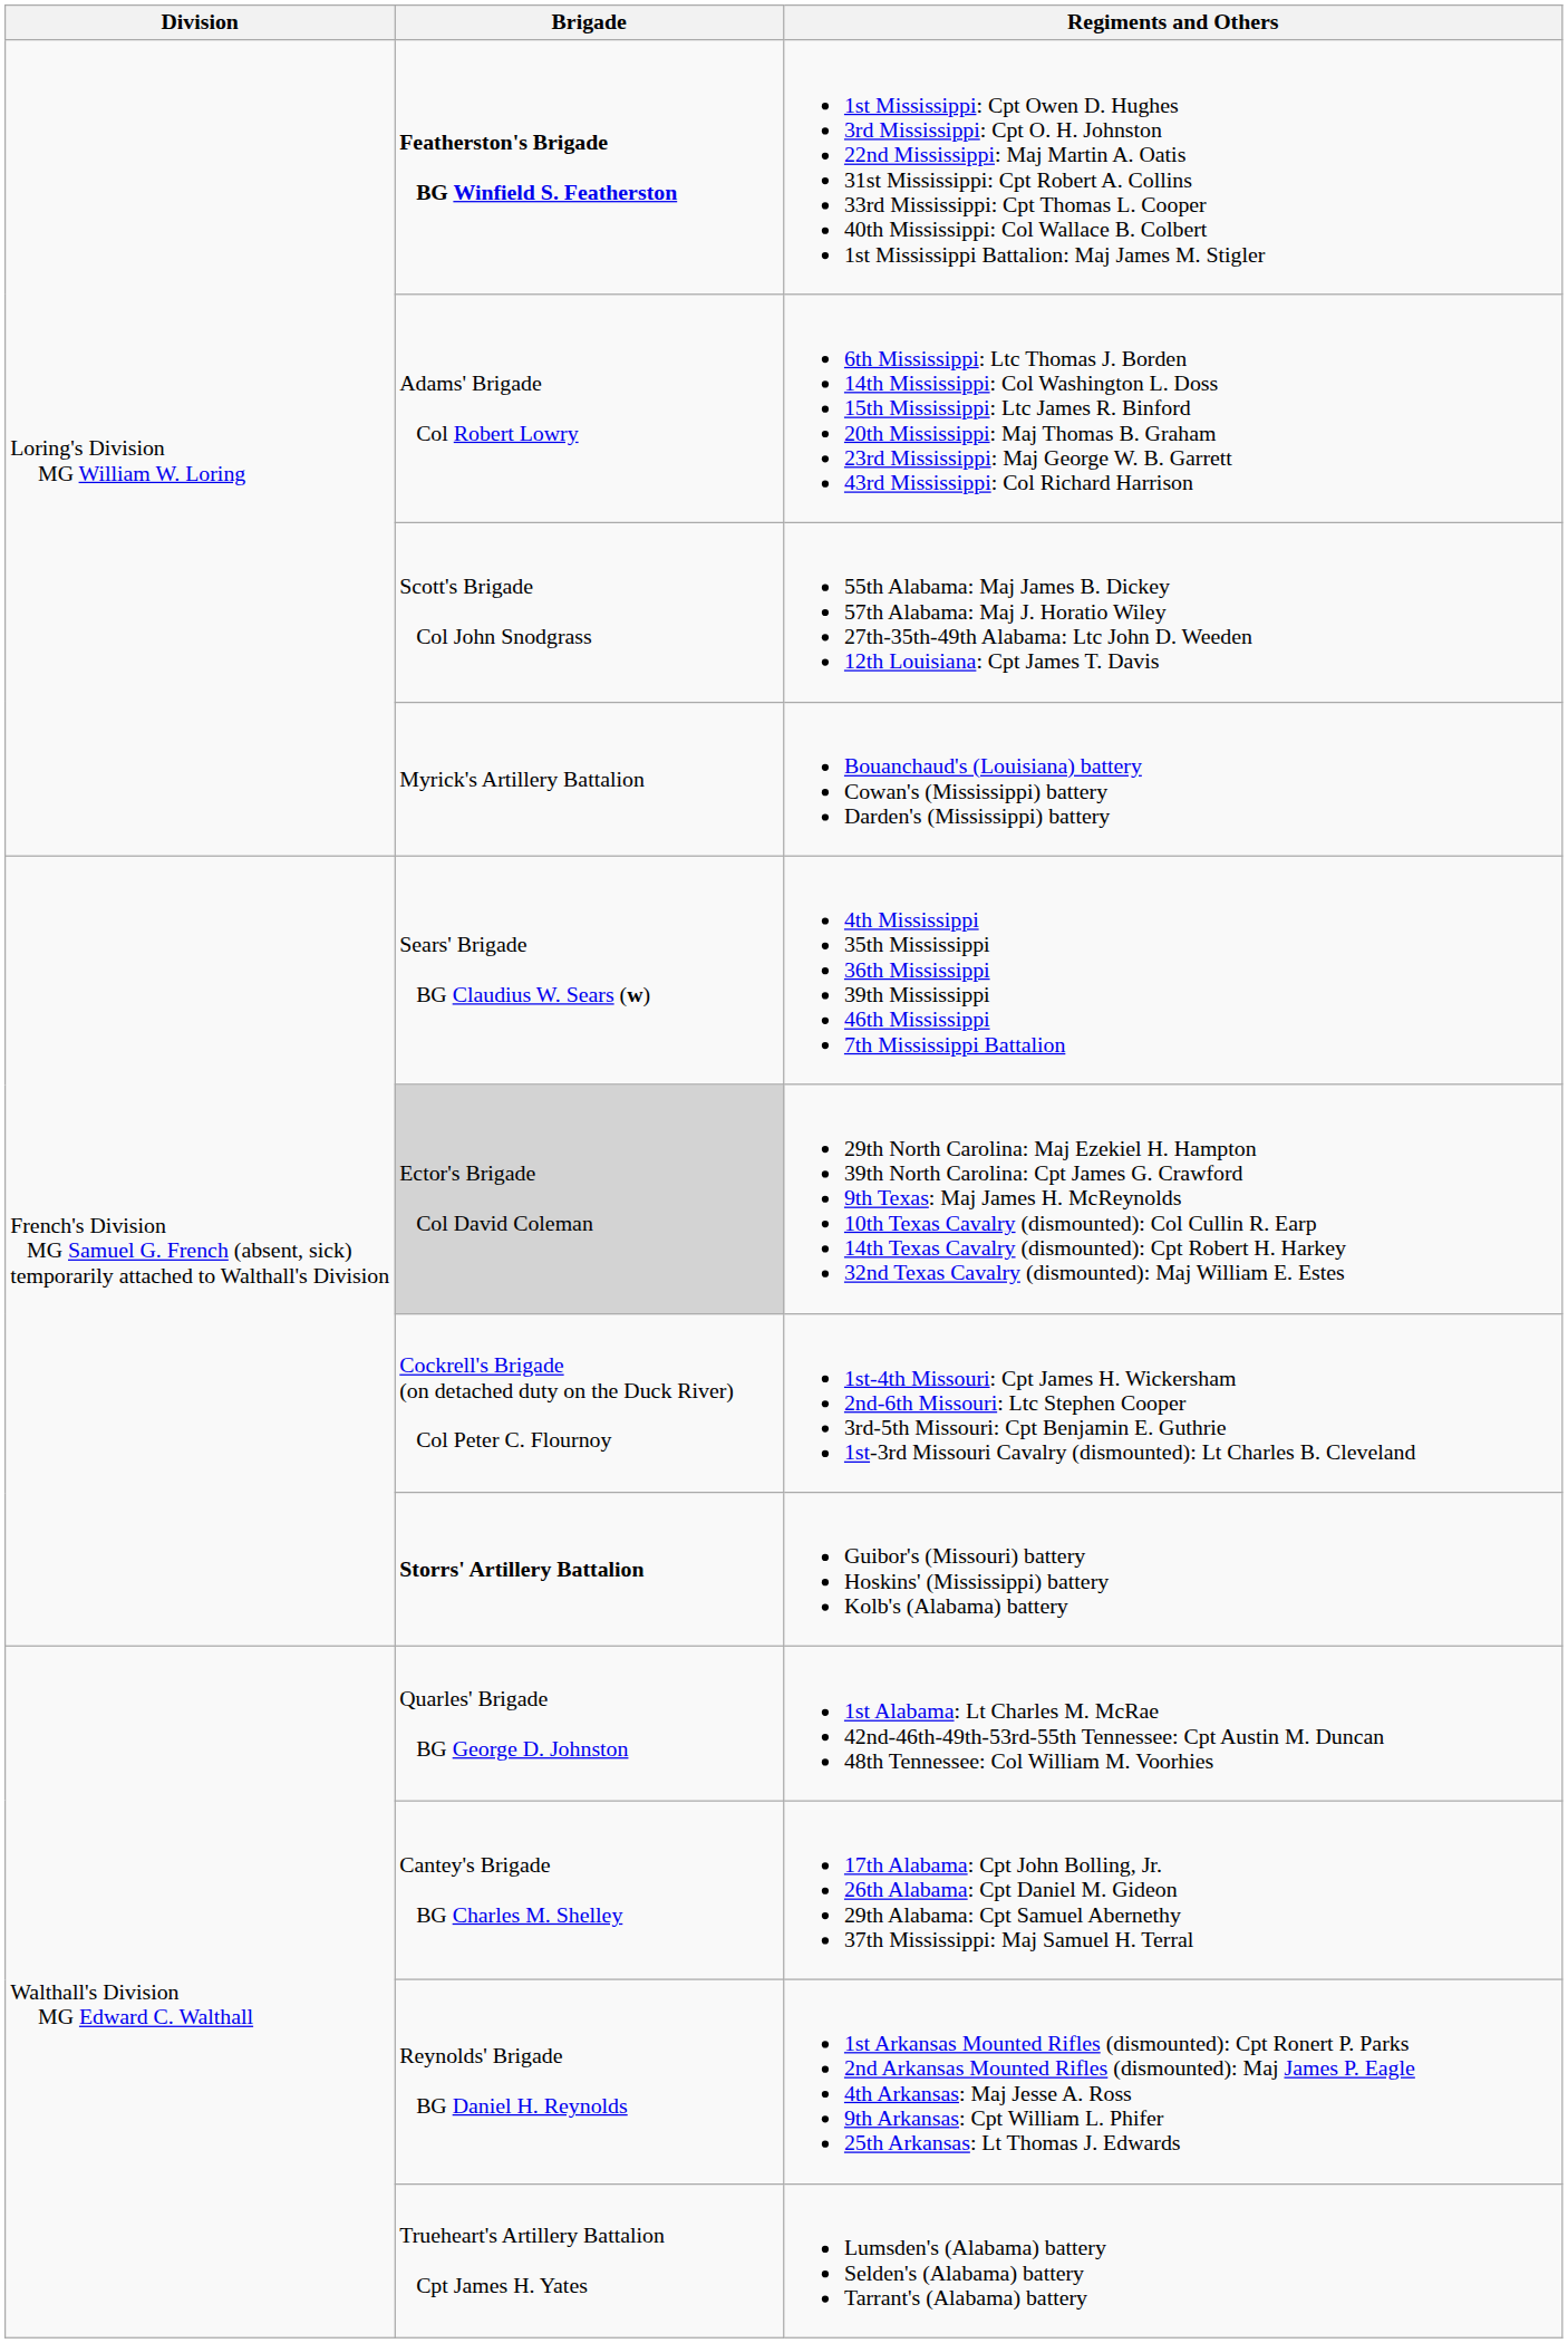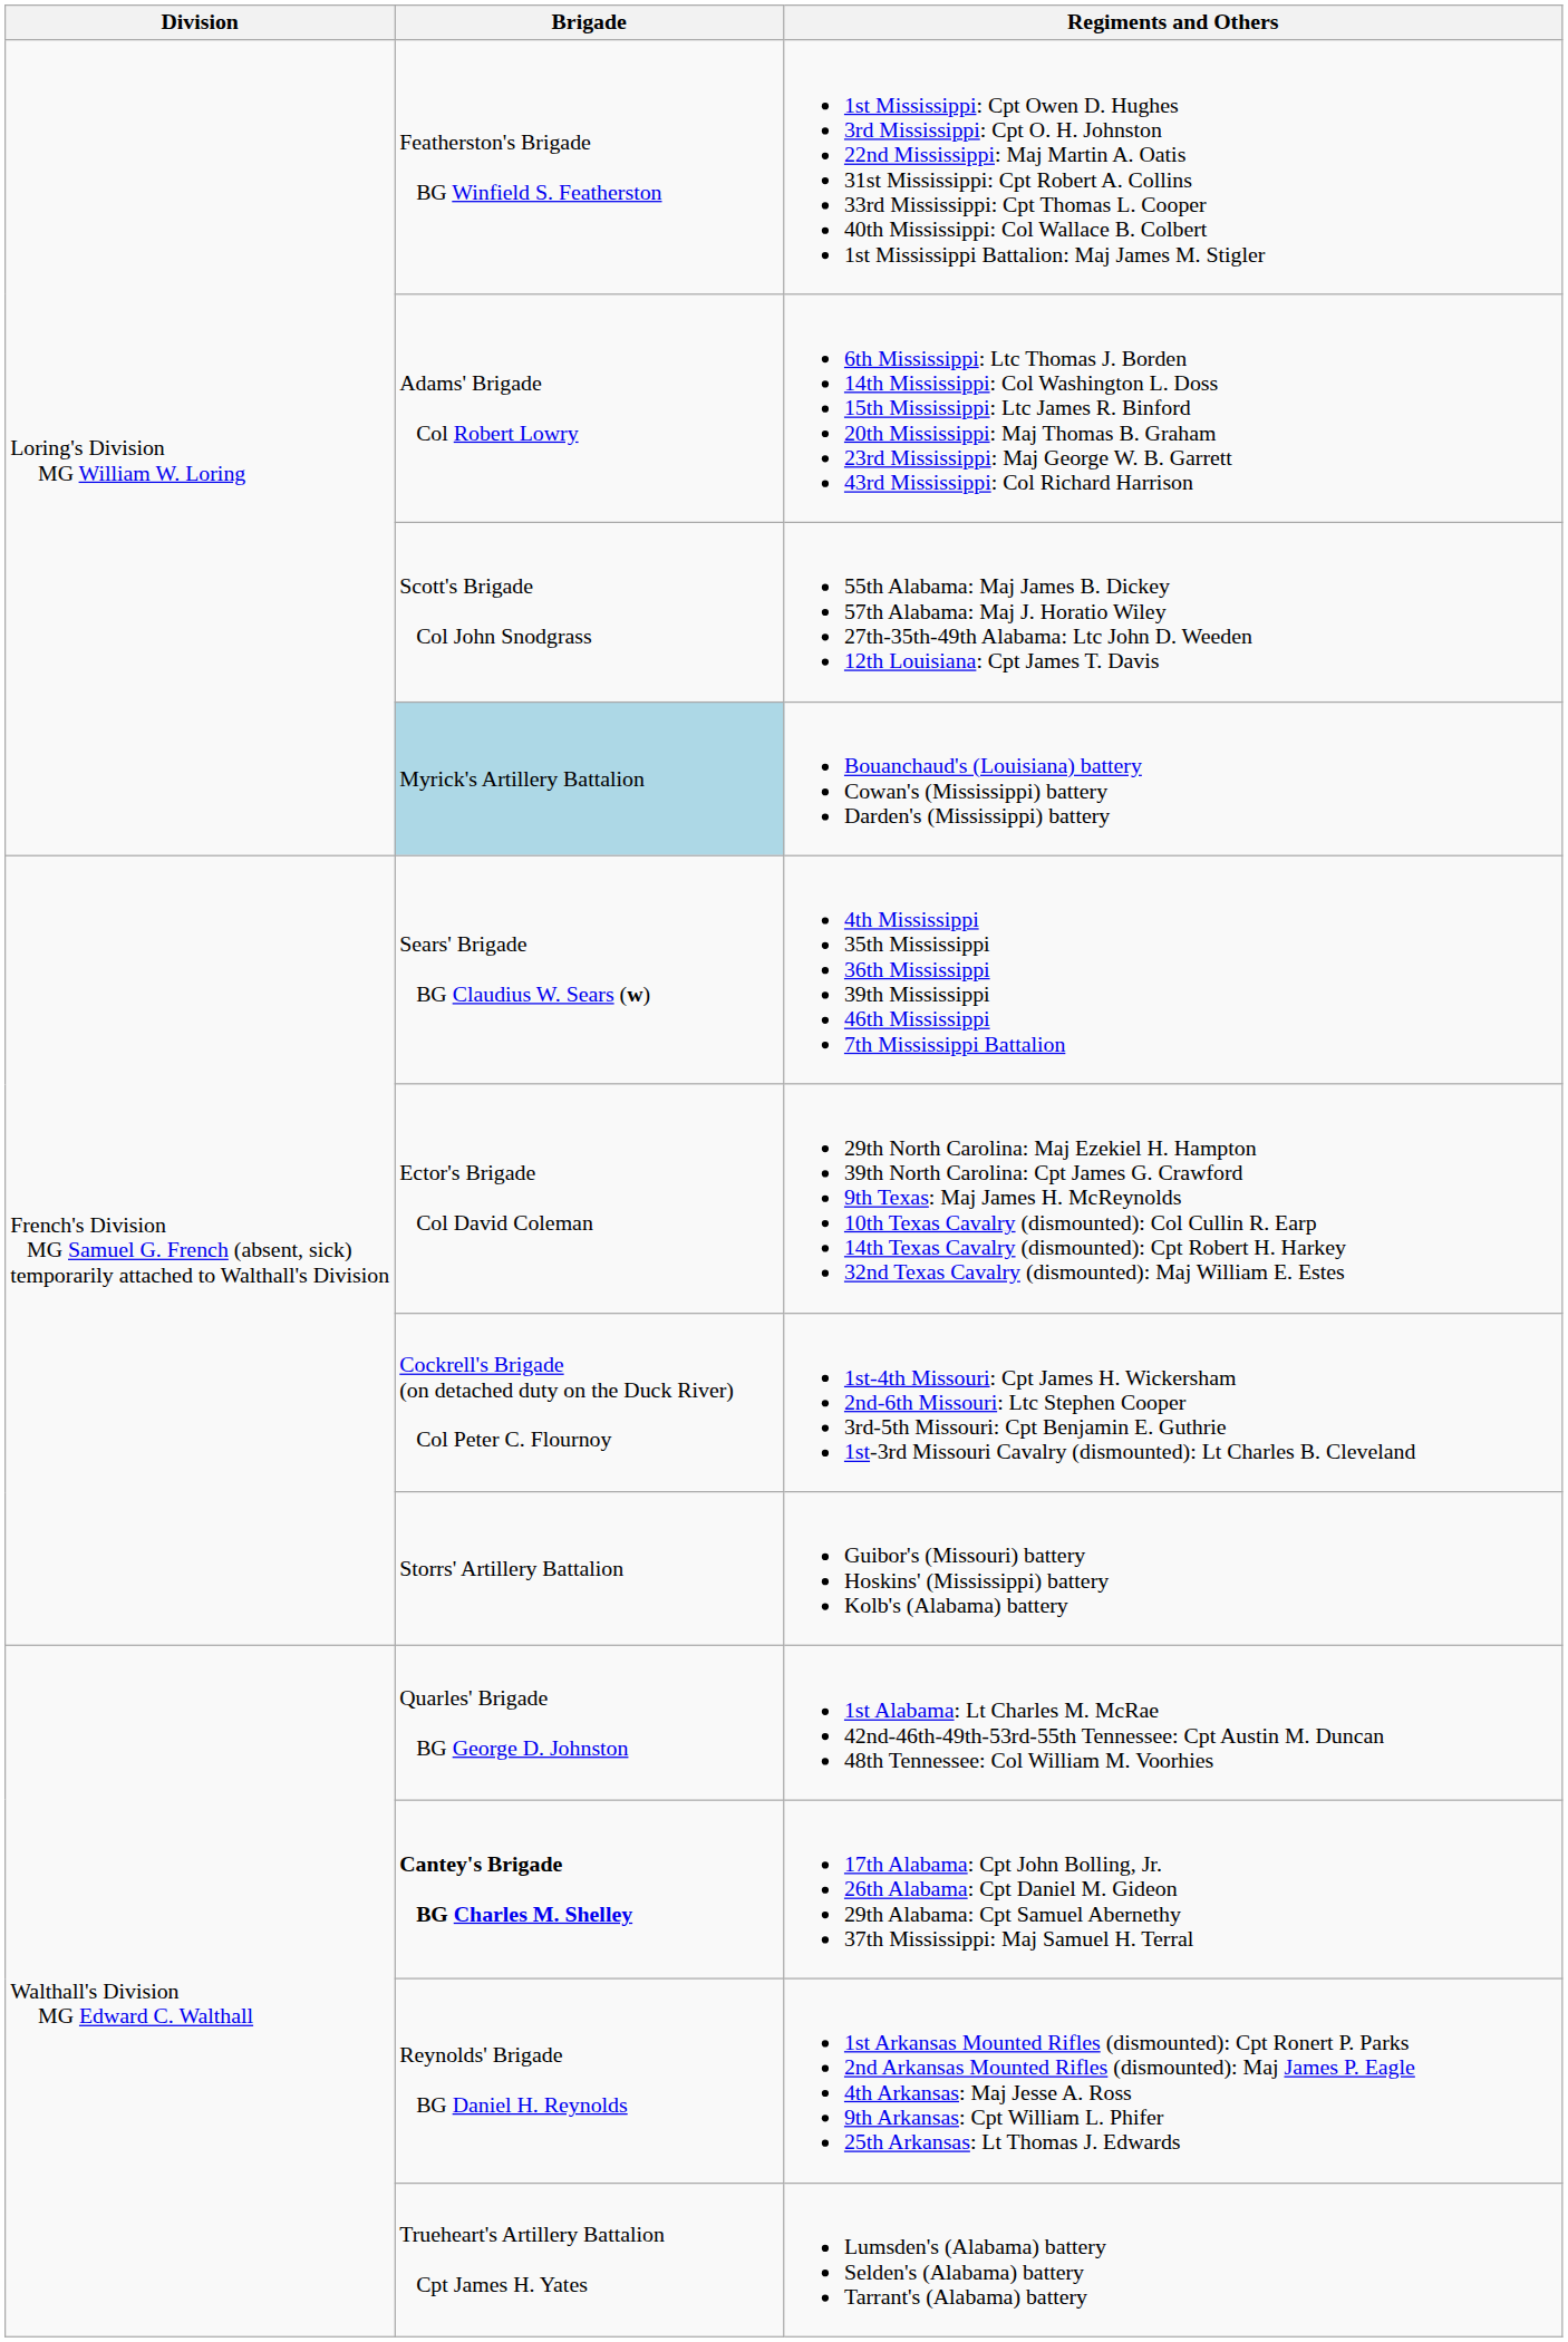 <table class="wikitable">
 <tr>
 <th width=25%>Division</th>
 <th width=25%>Brigade</th>
 <th>Regiments and Others</th>
 </tr>
 <tr>
 <td rowspan=4><br>Loring's Division <br>     MG <a href='#'>William W. Loring</a></td>
-<td><strong>Featherston's Brigade<br><br>   BG <a href='#'>Winfield S. Featherston</a></strong></td>
+<td>Featherston's Brigade<br><br>   BG <a href='#'>Winfield S. Featherston</a></td>
 <td><br><ul><li><a href='#'>1st Mississippi</a>: Cpt Owen D. Hughes</li><li><a href='#'>3rd Mississippi</a>: Cpt O. H. Johnston</li><li><a href='#'>22nd Mississippi</a>: Maj Martin A. Oatis</li><li>31st Mississippi: Cpt Robert A. Collins</li><li>33rd Mississippi: Cpt Thomas L. Cooper</li><li>40th Mississippi: Col Wallace B. Colbert</li><li>1st Mississippi Battalion: Maj James M. Stigler</li></ul></td>
 </tr>
 <tr>
 <td>Adams' Brigade<br><br>   Col <a href='#'>Robert Lowry</a></td>
 <td><br><ul><li><a href='#'>6th Mississippi</a>: Ltc Thomas J. Borden</li><li><a href='#'>14th Mississippi</a>: Col Washington L. Doss</li><li><a href='#'>15th Mississippi</a>: Ltc James R. Binford</li><li><a href='#'>20th Mississippi</a>: Maj Thomas B. Graham</li><li><a href='#'>23rd Mississippi</a>: Maj George W. B. Garrett</li><li><a href='#'>43rd Mississippi</a>: Col Richard Harrison</li></ul></td>
 </tr>
 <tr>
 <td>Scott's Brigade<br><br>   Col John Snodgrass</td>
 <td><br><ul><li>55th Alabama: Maj James B. Dickey</li><li>57th Alabama: Maj J. Horatio Wiley</li><li>27th-35th-49th Alabama: Ltc John D. Weeden</li><li><a href='#'>12th Louisiana</a>: Cpt James T. Davis</li></ul></td>
 </tr>
 <tr>
-<td>Myrick's Artillery Battalion</td>
+<td style="background: lightblue;">Myrick's Artillery Battalion</td>
 <td><br><ul><li><a href='#'>Bouanchaud's (Louisiana) battery</a></li><li>Cowan's (Mississippi) battery</li><li>Darden's (Mississippi) battery</li></ul></td>
 </tr>
 <tr>
 <td rowspan=4><br>French's Division <br>   MG <a href='#'>Samuel G. French</a> (absent, sick)<br> temporarily attached to Walthall's Division <br>    </td>
 <td>Sears' Brigade<br><br>   BG <a href='#'>Claudius W. Sears</a> (<strong>w</strong>)</td>
 <td><br><ul><li><a href='#'>4th Mississippi</a></li><li>35th Mississippi</li><li><a href='#'>36th Mississippi</a></li><li>39th Mississippi</li><li><a href='#'>46th Mississippi</a></li><li><a href='#'>7th Mississippi Battalion</a></li></ul></td>
 </tr>
 <tr>
-<td style="background: lightgrey;">Ector's Brigade<br><br>   Col David Coleman</td>
+<td>Ector's Brigade<br><br>   Col David Coleman</td>
 <td><br><ul><li>29th North Carolina: Maj Ezekiel H. Hampton</li><li>39th North Carolina: Cpt James G. Crawford</li><li><a href='#'>9th Texas</a>: Maj James H. McReynolds</li><li><a href='#'>10th Texas Cavalry</a> (dismounted): Col Cullin R. Earp</li><li><a href='#'>14th Texas Cavalry</a> (dismounted): Cpt Robert H. Harkey</li><li><a href='#'>32nd Texas Cavalry</a> (dismounted): Maj William E. Estes</li></ul></td>
 </tr>
 <tr>
 <td><a href='#'>Cockrell's Brigade</a><br>(on detached duty on the Duck River)<br><br>   Col Peter C. Flournoy</td>
 <td><br><ul><li><a href='#'>1st-4th Missouri</a>: Cpt James H. Wickersham</li><li><a href='#'>2nd-6th Missouri</a>: Ltc Stephen Cooper</li><li>3rd-5th Missouri: Cpt Benjamin E. Guthrie</li><li><a href='#'>1st</a>-3rd Missouri Cavalry (dismounted): Lt Charles B. Cleveland</li></ul></td>
 </tr>
 <tr>
-<td><strong>Storrs' Artillery Battalion</strong></td>
+<td>Storrs' Artillery Battalion</td>
 <td><br><ul><li>Guibor's (Missouri) battery</li><li>Hoskins' (Mississippi) battery</li><li>Kolb's (Alabama) battery</li></ul></td>
 </tr>
 <tr>
 <td rowspan=4><br>Walthall's Division <br>     MG <a href='#'>Edward C. Walthall</a></td>
 <td>Quarles' Brigade<br><br>   BG <a href='#'>George D. Johnston</a></td>
 <td><br><ul><li><a href='#'>1st Alabama</a>: Lt Charles M. McRae</li><li>42nd-46th-49th-53rd-55th Tennessee: Cpt Austin M. Duncan</li><li>48th Tennessee: Col William M. Voorhies</li></ul></td>
 </tr>
 <tr>
-<td>Cantey's Brigade<br><br>   BG <a href='#'>Charles M. Shelley</a></td>
+<td><strong>Cantey's Brigade<br><br>   BG <a href='#'>Charles M. Shelley</a></strong></td>
 <td><br><ul><li><a href='#'>17th Alabama</a>: Cpt John Bolling, Jr.</li><li><a href='#'>26th Alabama</a>: Cpt Daniel M. Gideon</li><li>29th Alabama: Cpt Samuel Abernethy</li><li>37th Mississippi: Maj Samuel H. Terral</li></ul></td>
 </tr>
 <tr>
 <td>Reynolds' Brigade<br><br>   BG <a href='#'>Daniel H. Reynolds</a></td>
 <td><br><ul><li><a href='#'>1st Arkansas Mounted Rifles</a> (dismounted): Cpt Ronert P. Parks</li><li><a href='#'>2nd Arkansas Mounted Rifles</a> (dismounted): Maj <a href='#'>James P. Eagle</a></li><li><a href='#'>4th Arkansas</a>: Maj Jesse A. Ross</li><li><a href='#'>9th Arkansas</a>: Cpt William L. Phifer</li><li><a href='#'>25th Arkansas</a>: Lt Thomas J. Edwards</li></ul></td>
 </tr>
 <tr>
 <td>Trueheart's Artillery Battalion<br><br>   Cpt James H. Yates</td>
 <td><br><ul><li>Lumsden's (Alabama) battery</li><li>Selden's (Alabama) battery</li><li>Tarrant's (Alabama) battery</li></ul></td>
 </tr>
 </table>
